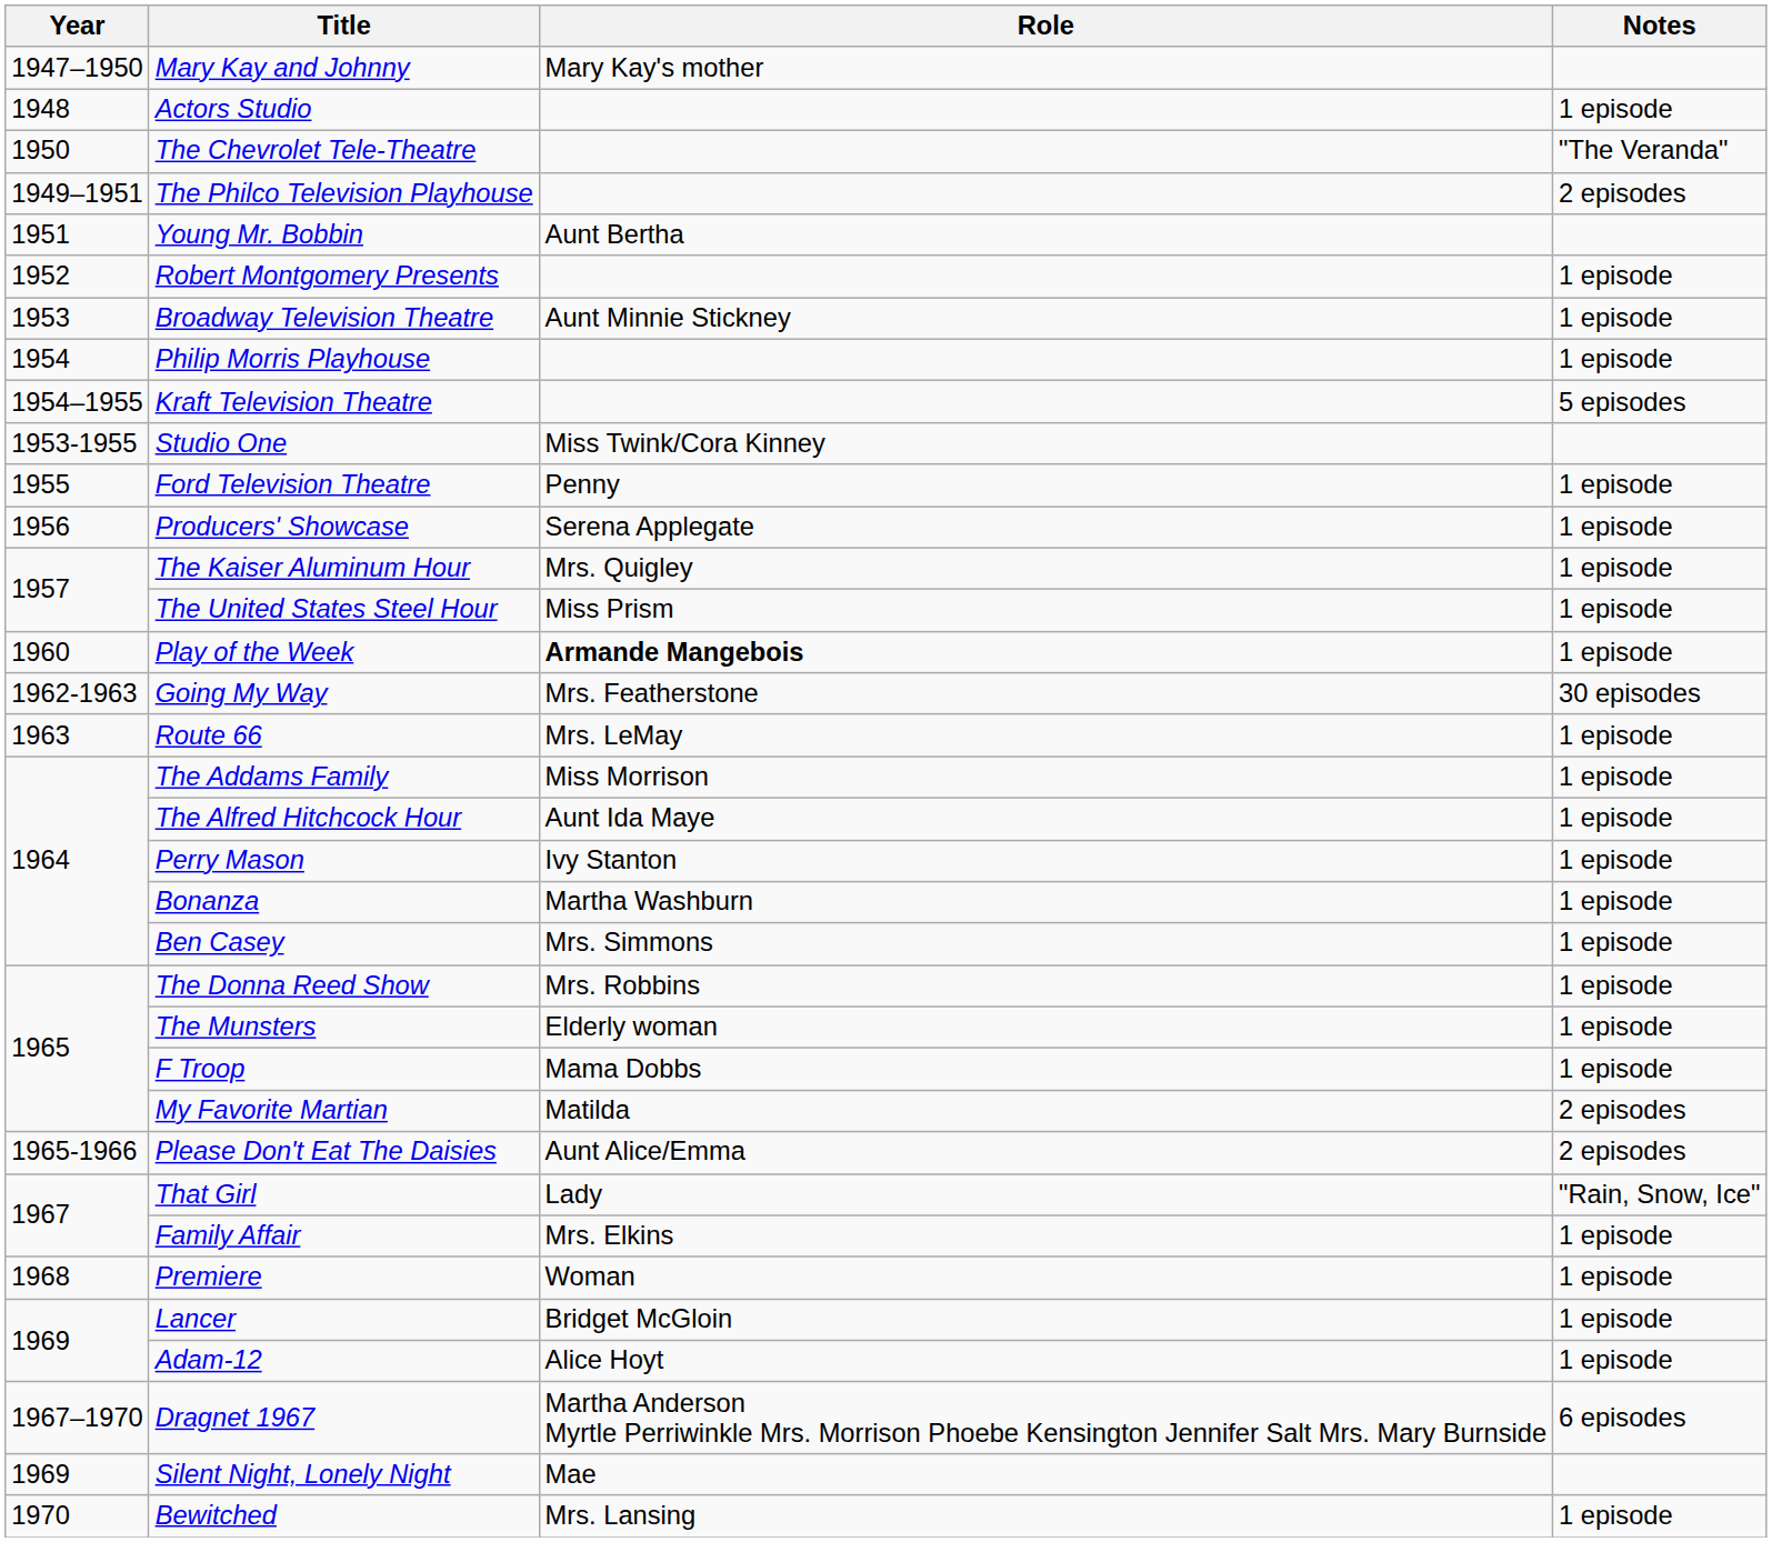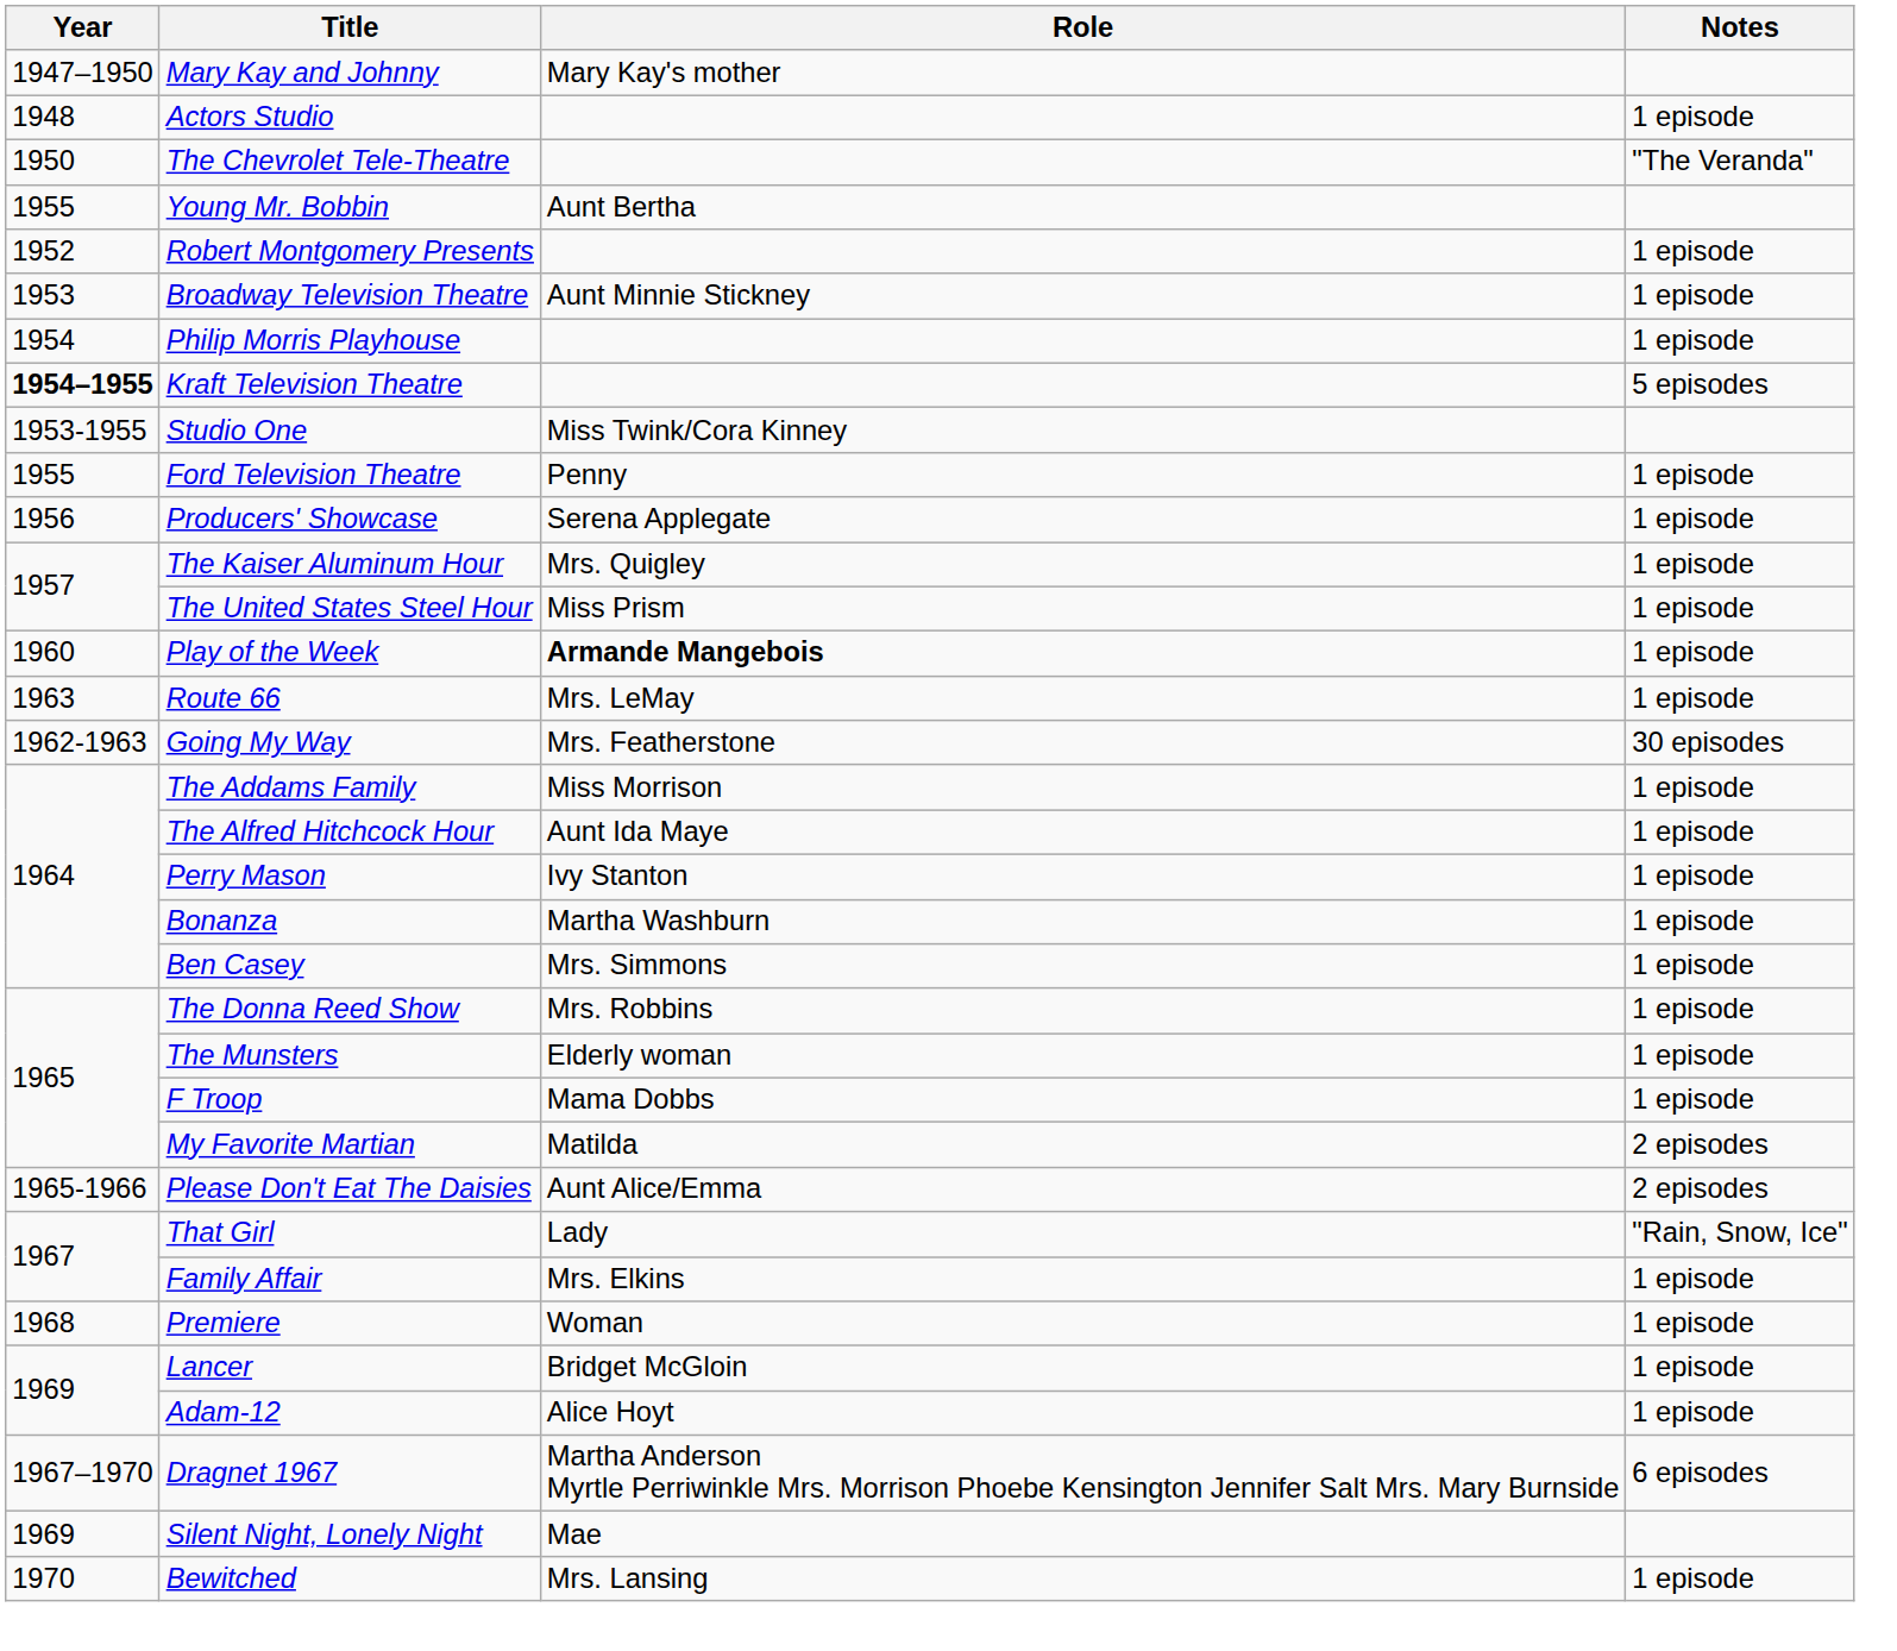 <table class="wikitable">
 <tr>
 <th>Year</th>
 <th>Title</th>
 <th>Role</th>
 <th>Notes</th>
 </tr>
 <tr>
 <td>1947–1950</td>
 <td><em><a href='#'>Mary Kay and Johnny</a></em></td>
 <td>Mary Kay's mother</td>
 <td></td>
 </tr>
 <tr>
 <td>1948</td>
 <td><em><a href='#'>Actors Studio</a></em></td>
 <td></td>
 <td>1 episode</td>
 </tr>
 <tr>
 <td>1950</td>
 <td><em><a href='#'>The Chevrolet Tele-Theatre</a></em></td>
 <td></td>
 <td>"The Veranda"</td>
 </tr>
 <tr>
-<td>1949–1951</td>
-<td><em><a href='#'>The Philco Television Playhouse</a></em></td>
-<td></td>
-<td>2 episodes</td>
-</tr>
-<tr>
-<td>1951</td>
+<td>1955</td>
 <td><em><a href='#'>Young Mr. Bobbin</a></em></td>
 <td>Aunt Bertha</td>
 <td></td>
 </tr>
 <tr>
 <td>1952</td>
 <td><em><a href='#'>Robert Montgomery Presents</a></em></td>
 <td></td>
 <td>1 episode</td>
 </tr>
 <tr>
 <td>1953</td>
 <td><em><a href='#'>Broadway Television Theatre</a></em></td>
 <td>Aunt Minnie Stickney</td>
 <td>1 episode</td>
 </tr>
 <tr>
 <td>1954</td>
 <td><em><a href='#'>Philip Morris Playhouse</a></em></td>
 <td></td>
 <td>1 episode</td>
 </tr>
 <tr>
-<td>1954–1955</td>
+<td><strong>1954–1955</strong></td>
 <td><em><a href='#'>Kraft Television Theatre</a></em></td>
 <td></td>
 <td>5 episodes</td>
 </tr>
 <tr>
 <td>1953-1955</td>
 <td><em><a href='#'>Studio One</a></em></td>
 <td>Miss Twink/Cora Kinney</td>
 <td></td>
 </tr>
 <tr>
 <td>1955</td>
 <td><em><a href='#'>Ford Television Theatre</a></em></td>
 <td>Penny</td>
 <td>1 episode</td>
 </tr>
 <tr>
 <td>1956</td>
 <td><em><a href='#'>Producers' Showcase</a></em></td>
 <td>Serena Applegate</td>
 <td>1 episode</td>
 </tr>
 <tr>
 <td rowspan="2">1957</td>
 <td><em><a href='#'>The Kaiser Aluminum Hour</a></em></td>
 <td>Mrs. Quigley</td>
 <td>1 episode</td>
 </tr>
 <tr>
 <td><em><a href='#'>The United States Steel Hour</a></em></td>
 <td>Miss Prism</td>
 <td>1 episode</td>
 </tr>
 <tr>
 <td>1960</td>
 <td><em><a href='#'>Play of the Week</a></em></td>
 <td><strong>Armande Mangebois</strong></td>
 <td>1 episode</td>
 </tr>
 <tr>
+<td>1963</td>
+<td><em><a href='#'>Route 66</a></em></td>
+<td>Mrs. LeMay</td>
+<td>1 episode</td>
+</tr>
+<tr>
 <td>1962-1963</td>
 <td><em><a href='#'>Going My Way</a></em></td>
 <td>Mrs. Featherstone</td>
 <td>30 episodes</td>
-</tr>
-<tr>
-<td>1963</td>
-<td><em><a href='#'>Route 66</a></em></td>
-<td>Mrs. LeMay</td>
-<td>1 episode</td>
 </tr>
 <tr>
 <td rowspan="5">1964</td>
 <td><em><a href='#'>The Addams Family</a></em></td>
 <td>Miss Morrison</td>
 <td>1 episode</td>
 </tr>
 <tr>
 <td><em><a href='#'>The Alfred Hitchcock Hour</a></em></td>
 <td>Aunt Ida Maye</td>
 <td>1 episode</td>
 </tr>
 <tr>
 <td><em><a href='#'>Perry Mason</a></em></td>
 <td>Ivy Stanton</td>
 <td>1 episode</td>
 </tr>
 <tr>
 <td><em><a href='#'>Bonanza</a></em></td>
 <td>Martha Washburn</td>
 <td>1 episode</td>
 </tr>
 <tr>
 <td><em><a href='#'>Ben Casey</a></em></td>
 <td>Mrs. Simmons</td>
 <td>1 episode</td>
 </tr>
 <tr>
 <td rowspan="4">1965</td>
 <td><em><a href='#'>The Donna Reed Show</a></em></td>
 <td>Mrs. Robbins</td>
 <td>1 episode</td>
 </tr>
 <tr>
 <td><em><a href='#'>The Munsters</a></em></td>
 <td>Elderly woman</td>
 <td>1 episode</td>
 </tr>
 <tr>
 <td><em><a href='#'>F Troop</a></em></td>
 <td>Mama Dobbs</td>
 <td>1 episode</td>
 </tr>
 <tr>
 <td><em><a href='#'>My Favorite Martian</a></em></td>
 <td>Matilda</td>
 <td>2 episodes</td>
 </tr>
 <tr>
 <td>1965-1966</td>
 <td><em><a href='#'>Please Don't Eat The Daisies</a></em></td>
 <td>Aunt Alice/Emma</td>
 <td>2 episodes</td>
 </tr>
 <tr>
 <td rowspan="2">1967</td>
 <td><em><a href='#'>That Girl</a></em></td>
 <td>Lady</td>
 <td>"Rain, Snow, Ice"</td>
 </tr>
 <tr>
 <td><em><a href='#'>Family Affair</a></em></td>
 <td>Mrs. Elkins</td>
 <td>1 episode</td>
 </tr>
 <tr>
 <td>1968</td>
 <td><em><a href='#'>Premiere</a></em></td>
 <td>Woman</td>
 <td>1 episode</td>
 </tr>
 <tr>
 <td rowspan="2">1969</td>
 <td><em><a href='#'>Lancer</a></em></td>
 <td>Bridget McGloin</td>
 <td>1 episode</td>
 </tr>
 <tr>
 <td><em><a href='#'>Adam-12</a></em></td>
 <td>Alice Hoyt</td>
 <td>1 episode</td>
 </tr>
 <tr>
 <td>1967–1970</td>
 <td><em><a href='#'>Dragnet 1967</a></em></td>
 <td>Martha Anderson<br>Myrtle Perriwinkle Mrs. Morrison Phoebe Kensington Jennifer Salt Mrs. Mary Burnside</td>
 <td>6 episodes</td>
 </tr>
 <tr>
 <td>1969</td>
 <td><em><a href='#'>Silent Night, Lonely Night</a></em></td>
 <td>Mae</td>
 <td></td>
 </tr>
 <tr>
 <td>1970</td>
 <td><em><a href='#'>Bewitched</a></em></td>
 <td>Mrs. Lansing</td>
 <td>1 episode</td>
 </tr>
 </table>
